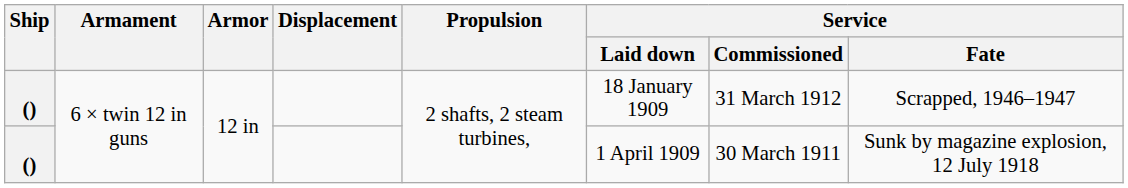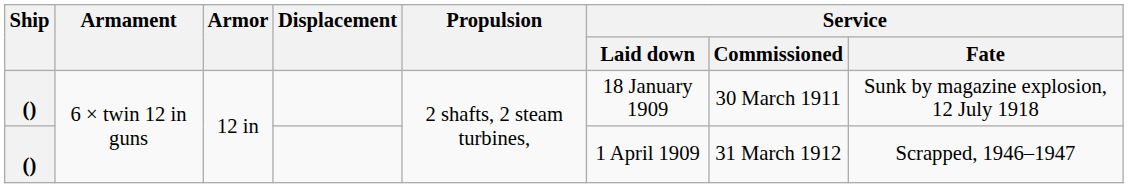 <table class="wikitable plainrowheaders" style="text-align: center;">
 <tr valign="top">
 <th scope="col" rowspan="2">Ship</th>
 <th scope="col" rowspan="2">Armament</th>
 <th scope="col" rowspan="2">Armor</th>
 <th scope="col" rowspan="2">Displacement</th>
 <th scope="col" rowspan="2">Propulsion</th>
 <th scope="col" colspan="3">Service</th>
 </tr>
 <tr valign="top">
 <th scope="col">Laid down</th>
 <th scope="col">Commissioned</th>
 <th scope="col">Fate</th>
 </tr>
 <tr valign="center">
 <th scope="row"><br>()</th>
 <td rowspan="2">6 × twin 12 in guns</td>
 <td rowspan="2">12 in</td>
 <td></td>
 <td rowspan="2">2 shafts, 2 steam turbines,<br></td>
 <td>18 January 1909</td>
-<td>31 March 1912</td>
-<td>Scrapped, 1946–1947</td>
+<td>30 March 1911</td>
+<td>Sunk by magazine explosion, 12 July 1918</td>
 </tr>
 <tr valign="center">
 <th scope="row"><br>()</th>
 <td></td>
 <td>1 April 1909</td>
-<td>30 March 1911</td>
-<td>Sunk by magazine explosion, 12 July 1918</td>
+<td>31 March 1912</td>
+<td>Scrapped, 1946–1947</td>
 </tr>
 </table>
